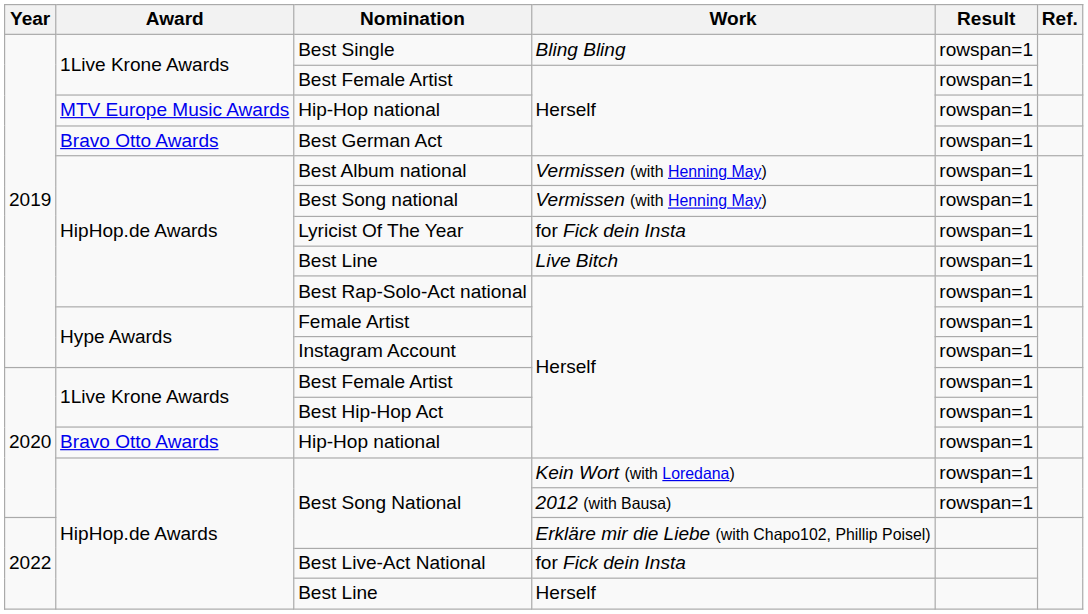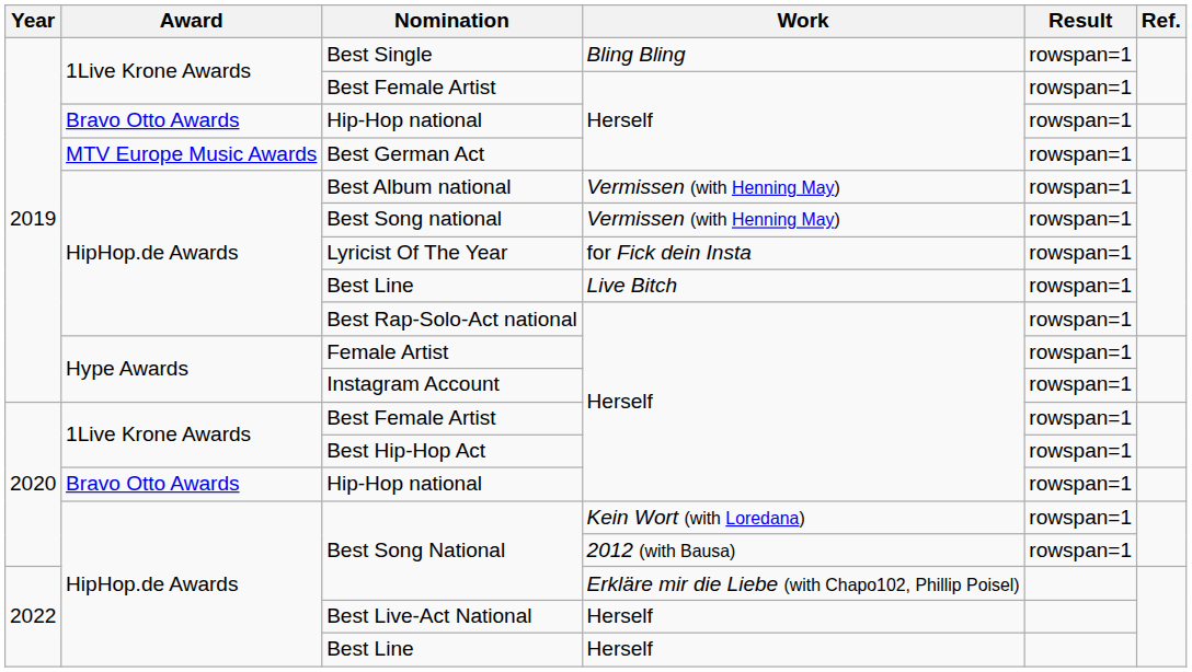 <table class="wikitable">
 <tr>
 <th>Year</th>
 <th>Award</th>
 <th>Nomination</th>
 <th>Work</th>
 <th>Result</th>
 <th><abbr>Ref.</abbr></th>
 </tr>
 <tr>
 <td rowspan="11">2019</td>
 <td rowspan="2">1Live Krone Awards</td>
 <td>Best Single</td>
 <td><em>Bling Bling</em></td>
 <td>rowspan=1 </td>
 <td rowspan="2"></td>
 </tr>
 <tr>
 <td>Best Female Artist</td>
 <td rowspan="3">Herself</td>
 <td>rowspan=1 </td>
 </tr>
 <tr>
-<td><a href='#'>MTV Europe Music Awards</a></td>
+<td><a href='#'>Bravo Otto Awards</a></td>
 <td>Hip-Hop national</td>
 <td>rowspan=1 </td>
 <td></td>
 </tr>
 <tr>
-<td><a href='#'>Bravo Otto Awards</a></td>
+<td><a href='#'>MTV Europe Music Awards</a></td>
 <td>Best German Act</td>
 <td>rowspan=1 </td>
 <td></td>
 </tr>
 <tr>
 <td rowspan="5">HipHop.de Awards</td>
 <td>Best Album national</td>
 <td><em>Vermissen</em> <small>(with <a href='#'>Henning May</a>)</small></td>
 <td>rowspan=1 </td>
 <td rowspan="5"></td>
 </tr>
 <tr>
 <td>Best Song national</td>
 <td><em>Vermissen</em> <small>(with <a href='#'>Henning May</a>)</small></td>
 <td>rowspan=1 </td>
 </tr>
 <tr>
 <td>Lyricist Of The Year</td>
 <td>for <em>Fick dein Insta</em></td>
 <td>rowspan=1 </td>
 </tr>
 <tr>
 <td>Best Line</td>
 <td><em>Live Bitch</em></td>
 <td>rowspan=1 </td>
 </tr>
 <tr>
 <td>Best Rap-Solo-Act national</td>
 <td rowspan="6">Herself</td>
 <td>rowspan=1 </td>
 </tr>
 <tr>
 <td rowspan="2">Hype Awards</td>
 <td>Female Artist</td>
 <td>rowspan=1 </td>
 <td rowspan="2"></td>
 </tr>
 <tr>
 <td>Instagram Account</td>
 <td>rowspan=1 </td>
 </tr>
 <tr>
 <td rowspan="5">2020</td>
 <td rowspan="2">1Live Krone Awards</td>
 <td>Best Female Artist</td>
 <td>rowspan=1 </td>
 <td rowspan="2"></td>
 </tr>
 <tr>
 <td>Best Hip-Hop Act</td>
 <td>rowspan=1 </td>
 </tr>
 <tr>
 <td><a href='#'>Bravo Otto Awards</a></td>
 <td>Hip-Hop national</td>
 <td>rowspan=1 </td>
 <td></td>
 </tr>
 <tr>
 <td rowspan="5">HipHop.de Awards</td>
 <td rowspan="3">Best Song National</td>
 <td><em>Kein Wort</em> <small>(with <a href='#'>Loredana</a>)</small></td>
 <td>rowspan=1 </td>
 <td rowspan="2"></td>
 </tr>
 <tr>
 <td><em>2012</em> <small>(with Bausa)</small></td>
 <td>rowspan=1 </td>
 </tr>
 <tr>
 <td rowspan="3">2022</td>
 <td><em>Erkläre mir die Liebe</em> <small>(with Chapo102, Phillip Poisel)</small></td>
 <td></td>
 <td rowspan="3"></td>
 </tr>
 <tr>
 <td>Best Live-Act National</td>
-<td>for <em>Fick dein Insta</em></td>
+<td>Herself</td>
 <td></td>
 </tr>
 <tr>
 <td>Best Line</td>
 <td>Herself</td>
 <td></td>
 </tr>
 </table>
